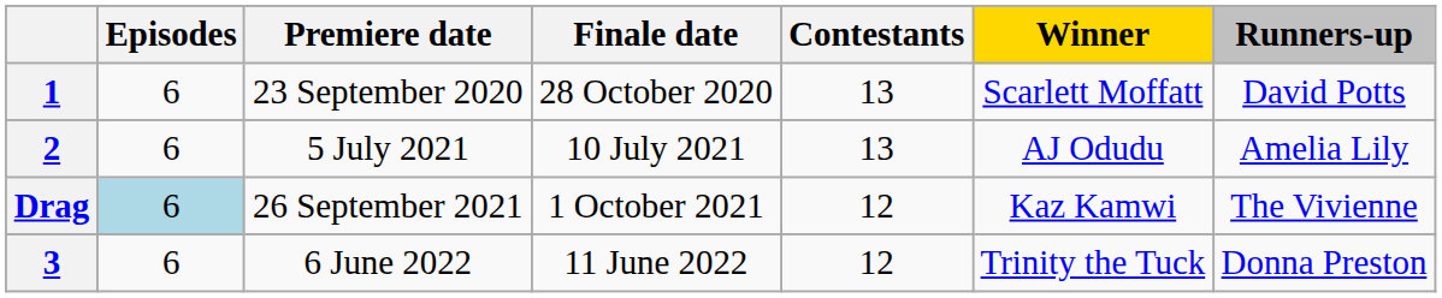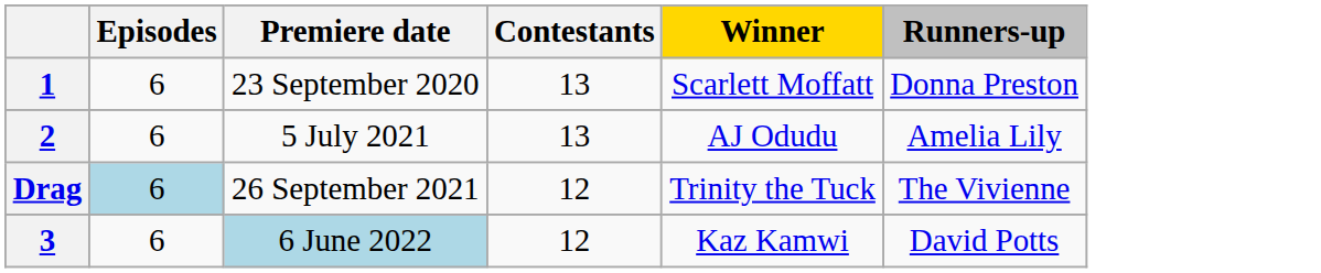 <table class="wikitable sortable" style="text-align:center; white-space:nowrap; font-size:95%; size:100%">
 <tr>
 <th><a href='#'></a></th>
 <th>Episodes</th>
 <th>Premiere date</th>
-<th>Finale date</th>
 <th>Contestants</th>
 <th style="background:gold;">Winner</th>
 <th style="background:silver;">Runners-up</th>
 </tr>
 <tr>
 <th><a href='#'>1</a></th>
 <td>6</td>
 <td>23 September 2020</td>
-<td>28 October 2020</td>
 <td>13</td>
 <td><a href='#'>Scarlett Moffatt</a></td>
-<td><a href='#'>David Potts</a></td>
+<td><a href='#'>Donna Preston</a></td>
 </tr>
 <tr>
 <th><a href='#'>2</a></th>
 <td>6</td>
 <td>5 July 2021</td>
-<td>10 July 2021</td>
 <td>13</td>
 <td><a href='#'>AJ Odudu</a></td>
 <td><a href='#'>Amelia Lily</a></td>
 </tr>
 <tr>
 <th><a href='#'>Drag</a></th>
 <td style="background: lightblue;">6</td>
 <td>26 September 2021</td>
-<td>1 October 2021</td>
 <td>12</td>
-<td><a href='#'>Kaz Kamwi</a></td>
+<td><a href='#'>Trinity the Tuck</a></td>
 <td><a href='#'>The Vivienne</a></td>
 </tr>
 <tr>
 <th><a href='#'>3</a></th>
 <td>6</td>
-<td>6 June 2022</td>
-<td>11 June 2022</td>
+<td style="background: lightblue;">6 June 2022</td>
 <td>12</td>
-<td><a href='#'>Trinity the Tuck</a></td>
-<td><a href='#'>Donna Preston</a></td>
+<td><a href='#'>Kaz Kamwi</a></td>
+<td><a href='#'>David Potts</a></td>
 </tr>
 </table>
